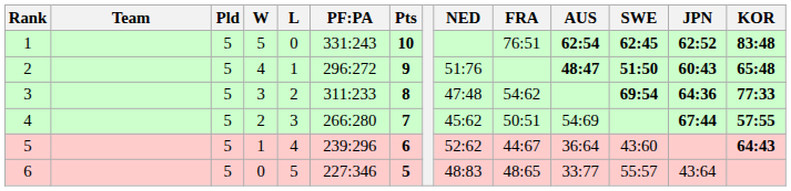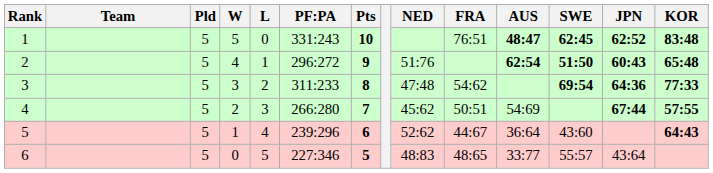 <table class="wikitable" style="text-align:center">
 <tr>
 <th width=25>Rank</th>
 <th width=150>Team</th>
 <th width=25>Pld</th>
 <th width=25>W</th>
 <th width=25>L</th>
 <th width=70>PF:PA</th>
 <th width=25>Pts</th>
 <th rowspan="7"> </th>
 <th width=50>NED</th>
 <th width=50>FRA</th>
 <th width=50>AUS</th>
 <th width=50>SWE</th>
 <th width=50>JPN</th>
 <th width=50>KOR</th>
 </tr>
 <tr style="background:#ccffcc;">
 <td>1</td>
 <td style="text-align:left"></td>
 <td>5</td>
 <td>5</td>
 <td>0</td>
 <td>331:243</td>
 <td><strong>10</strong></td>
 <td></td>
 <td>76:51</td>
-<td><strong>62:54</strong></td>
+<td><strong>48:47</strong></td>
 <td><strong>62:45</strong></td>
 <td><strong>62:52</strong></td>
 <td><strong>83:48</strong></td>
 </tr>
 <tr style="background:#ccffcc;">
 <td>2</td>
 <td style="text-align:left"></td>
 <td>5</td>
 <td>4</td>
 <td>1</td>
 <td>296:272</td>
 <td><strong>9</strong></td>
 <td>51:76</td>
 <td></td>
-<td><strong>48:47</strong></td>
+<td><strong>62:54</strong></td>
 <td><strong>51:50</strong></td>
 <td><strong>60:43</strong></td>
 <td><strong>65:48</strong></td>
 </tr>
 <tr style="background:#ccffcc;">
 <td>3</td>
 <td style="text-align:left"></td>
 <td>5</td>
 <td>3</td>
 <td>2</td>
 <td>311:233</td>
 <td><strong>8</strong></td>
 <td>47:48</td>
 <td>54:62</td>
 <td></td>
 <td><strong>69:54</strong></td>
 <td><strong>64:36</strong></td>
 <td><strong>77:33</strong></td>
 </tr>
 <tr style="background:#ccffcc;">
 <td>4</td>
 <td style="text-align:left"></td>
 <td>5</td>
 <td>2</td>
 <td>3</td>
 <td>266:280</td>
 <td><strong>7</strong></td>
 <td>45:62</td>
 <td>50:51</td>
 <td>54:69</td>
 <td></td>
 <td><strong>67:44</strong></td>
 <td><strong>57:55</strong></td>
 </tr>
 <tr style="background:#ffcccc;">
 <td>5</td>
 <td style="text-align:left"></td>
 <td>5</td>
 <td>1</td>
 <td>4</td>
 <td>239:296</td>
 <td><strong>6</strong></td>
 <td>52:62</td>
 <td>44:67</td>
 <td>36:64</td>
 <td>43:60</td>
 <td></td>
 <td><strong>64:43</strong></td>
 </tr>
 <tr style="background:#ffcccc;">
 <td>6</td>
 <td style="text-align:left"></td>
 <td>5</td>
 <td>0</td>
 <td>5</td>
 <td>227:346</td>
 <td><strong>5</strong></td>
 <td>48:83</td>
 <td>48:65</td>
 <td>33:77</td>
 <td>55:57</td>
 <td>43:64</td>
 <td></td>
 </tr>
 </table>
